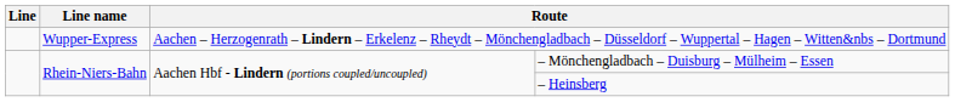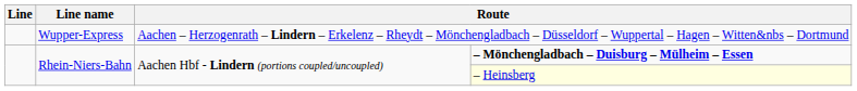 <table class="wikitable">
 <tr class="hintergrundfarbe5">
 <th>Line</th>
 <th>Line name</th>
 <th colspan="3">Route</th>
 </tr>
 <tr>
 <td></td>
 <td><a href='#'>Wupper-Express</a></td>
 <td colspan="2"><a href='#'>Aachen</a> – <a href='#'>Herzogenrath</a> – <strong>Lindern</strong> – <a href='#'>Erkelenz</a> – <a href='#'>Rheydt</a> – <a href='#'>Mönchengladbach</a> – <a href='#'>Düsseldorf</a> – <a href='#'>Wuppertal</a> – <a href='#'>Hagen</a> – <a href='#'>Witten&nbs</a> – <a href='#'>Dortmund</a></td>
 </tr>
 <tr>
 <td rowspan="2"></td>
 <td rowspan="2"><a href='#'>Rhein-Niers-Bahn</a></td>
 <td rowspan="2">Aachen Hbf - <strong>Lindern </strong><small><em>(portions coupled/uncoupled)</em></small></td>
-<td>– Mönchengladbach – <a href='#'>Duisburg</a> – <a href='#'>Mülheim</a> – <a href='#'>Essen</a></td>
+<td><strong>– Mönchengladbach – <a href='#'>Duisburg</a> – <a href='#'>Mülheim</a> – <a href='#'>Essen</a></strong></td>
 </tr>
 <tr>
-<td>– <a href='#'>Heinsberg</a></td>
+<td style="background: lightyellow;">– <a href='#'>Heinsberg</a></td>
 </tr>
 </table>
